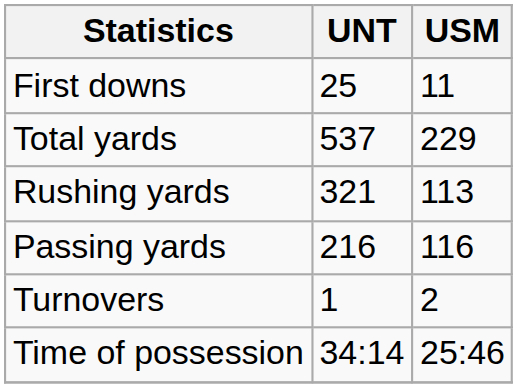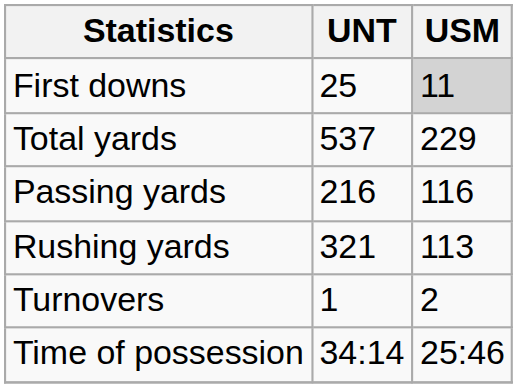 <table class="wikitable">
 <tr>
 <th>Statistics</th>
 <th>UNT</th>
 <th>USM</th>
 </tr>
 <tr>
 <td>First downs</td>
 <td>25</td>
-<td>11</td>
+<td style="background: lightgrey;">11</td>
 </tr>
 <tr>
 <td>Total yards</td>
 <td>537</td>
 <td>229</td>
 </tr>
 <tr>
+<td>Passing yards</td>
+<td>216</td>
+<td>116</td>
+</tr>
+<tr>
 <td>Rushing yards</td>
 <td>321</td>
 <td>113</td>
-</tr>
-<tr>
-<td>Passing yards</td>
-<td>216</td>
-<td>116</td>
 </tr>
 <tr>
 <td>Turnovers</td>
 <td>1</td>
 <td>2</td>
 </tr>
 <tr>
 <td>Time of possession</td>
 <td>34:14</td>
 <td>25:46</td>
 </tr>
 <tr>
 </tr>
 </table>
